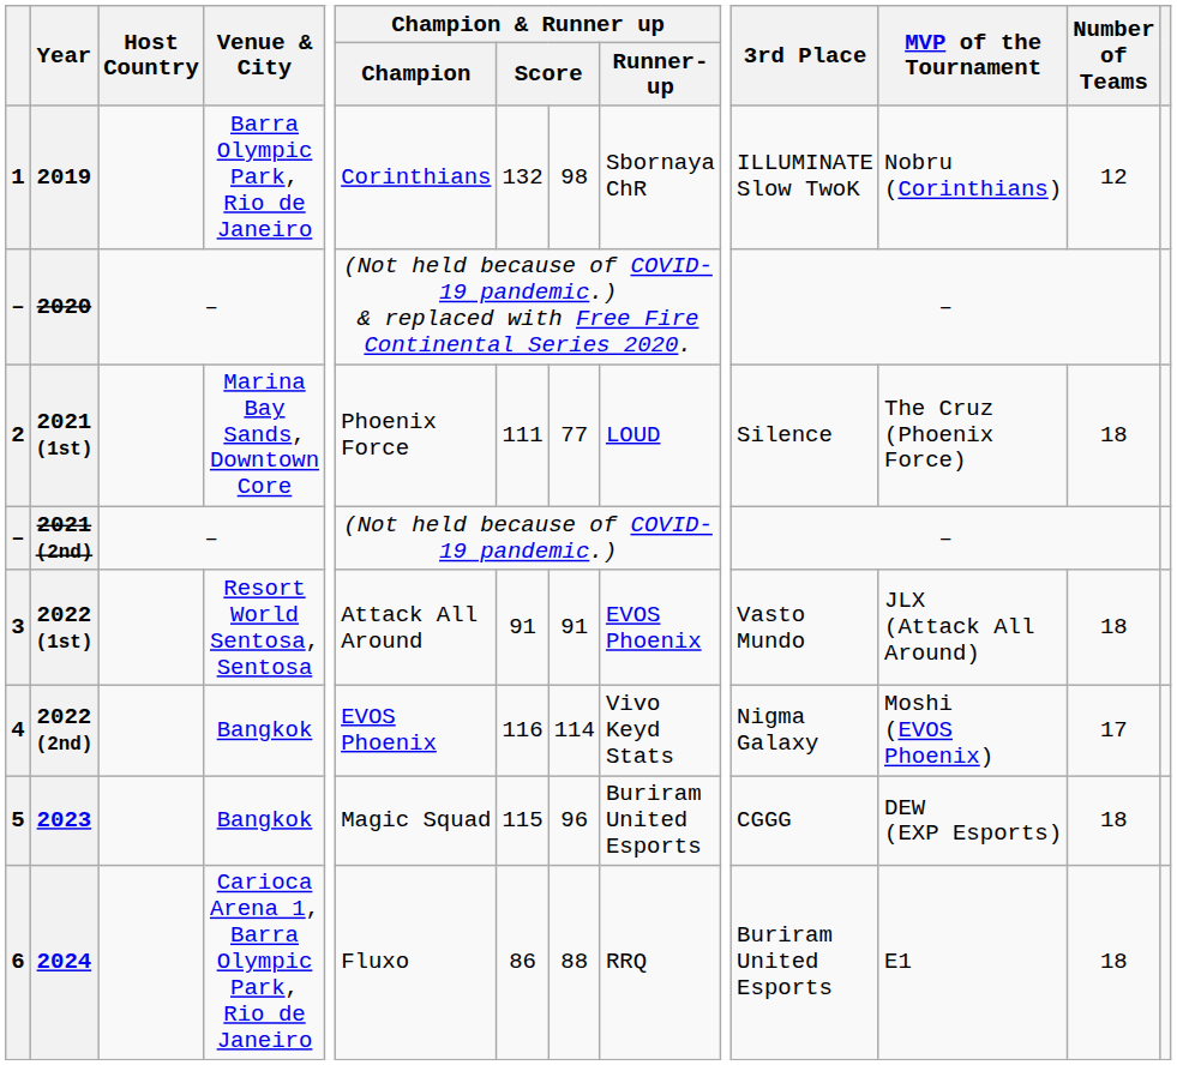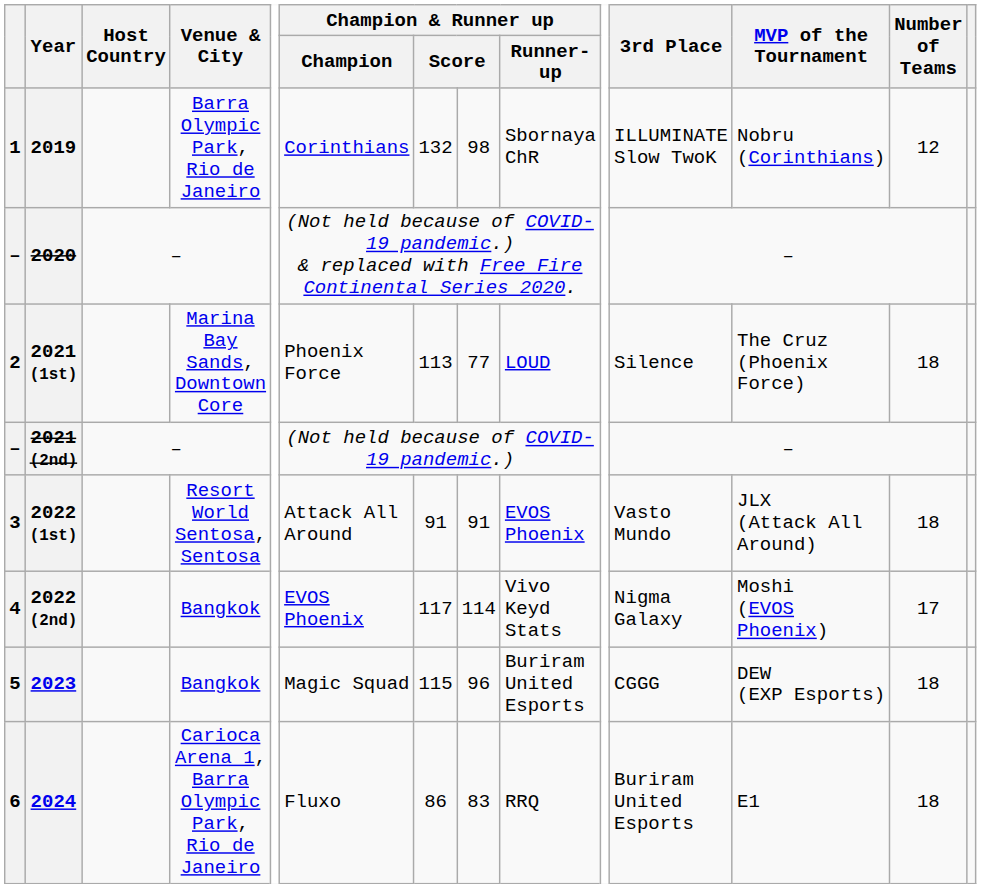 <table class="wikitable" style="text-align:center">
 <tr>
 <th rowspan="2"></th>
 <th rowspan="2" style="width:80px">Year</th>
 <th rowspan="2" style="width:120px">Host Country</th>
 <th rowspan="2" style="width:170px">Venue & City</th>
 <td width="1%" rowspan=17 style="background-color:#ffffff;border-top-style:hidden; border-bottom-style:hidden;"></td>
 <th colspan="4">Champion & Runner up</th>
 <td width="1%" rowspan=17 style="background-color:#ffffff;border-top-style:hidden; border-bottom-style:hidden;"></td>
 <th rowspan="2" style="width:125px">3rd Place</th>
 <th rowspan="2" style="width:140px"><a href='#'>MVP</a> of the <br> Tournament</th>
 <th rowspan="2">Number <br> of Teams</th>
 <th rowspan="2"></th>
 </tr>
 <tr>
 <th>Champion</th>
 <th colspan="2">Score</th>
 <th>Runner-up</th>
 </tr>
 <tr>
 <th>1</th>
 <th>2019</th>
 <td align=left></td>
 <td><a href='#'>Barra Olympic Park</a>, <br> <a href='#'>Rio de Janeiro</a></td>
 <td align=left> <a href='#'>Corinthians</a></td>
 <td>132</td>
 <td>98</td>
 <td align=left> Sbornaya ChR</td>
 <td align=left> ILLUMINATE Slow TwoK</td>
 <td align=left> Nobru <br> (<a href='#'>Corinthians</a>)</td>
 <td>12</td>
 <td></td>
 </tr>
 <tr>
 <th>–</th>
 <th><s> 2020 </s></th>
 <td colspan=2>–</td>
 <td colspan=4><em>(Not held because of <a href='#'>COVID-19 pandemic</a>.) <br> & replaced with <a href='#'>Free Fire Continental Series 2020</a>.</em></td>
 <td colspan=3>–</td>
 <td></td>
 </tr>
 <tr>
 <th>2</th>
 <th>2021 <small>(1st)</small></th>
 <td align=left></td>
 <td><a href='#'>Marina Bay Sands</a>, <br> <a href='#'>Downtown Core</a></td>
 <td align=left> Phoenix Force</td>
-<td>111</td>
+<td>113</td>
 <td>77</td>
 <td align=left> <a href='#'>LOUD</a></td>
 <td align=left> Silence</td>
 <td align=left> The Cruz <br> (Phoenix Force)</td>
 <td>18</td>
 <td></td>
 </tr>
 <tr>
 <th>–</th>
 <th><s> 2021 <small>(2nd)</small> </s></th>
 <td colspan=2>–</td>
 <td colspan=4><em>(Not held because of <a href='#'>COVID-19 pandemic</a>.)</em></td>
 <td colspan=3>–</td>
 <td></td>
 </tr>
 <tr>
 <th>3</th>
 <th>2022 <small>(1st)</small></th>
 <td align=left></td>
 <td><a href='#'>Resort World Sentosa</a>, <br> <a href='#'>Sentosa</a></td>
 <td align=left> Attack All Around</td>
 <td>91</td>
 <td>91</td>
 <td align=left> <a href='#'>EVOS Phoenix</a></td>
 <td align=left> Vasto Mundo</td>
 <td align=left> JLX <br> (Attack All Around)</td>
 <td>18</td>
 <td></td>
 </tr>
 <tr>
 <th>4</th>
 <th>2022 <small>(2nd)</small></th>
 <td align=left></td>
 <td><a href='#'>Bangkok</a></td>
 <td align=left> <a href='#'>EVOS Phoenix</a></td>
-<td>116</td>
+<td>117</td>
 <td>114</td>
 <td align=left> Vivo Keyd Stats</td>
 <td align=left> Nigma Galaxy</td>
 <td align=left> Moshi <br> (<a href='#'>EVOS Phoenix</a>)</td>
 <td>17</td>
 <td></td>
 </tr>
 <tr>
 <th>5</th>
 <th><a href='#'>2023</a></th>
 <td align=left></td>
 <td><a href='#'>Bangkok</a></td>
 <td align=left> Magic Squad</td>
 <td>115</td>
 <td>96</td>
 <td align=left> Buriram United Esports</td>
 <td align=left> CGGG</td>
 <td align=left> DEW <br> (EXP Esports)</td>
 <td>18</td>
 <td></td>
 </tr>
 <tr>
 <th>6</th>
 <th><a href='#'>2024</a></th>
 <td align=left></td>
 <td><a href='#'>Carioca Arena 1</a>, <br> <a href='#'>Barra Olympic Park</a>, <br> <a href='#'>Rio de Janeiro</a></td>
 <td align=left> Fluxo</td>
 <td>86</td>
-<td>88</td>
+<td>83</td>
 <td align=left> RRQ</td>
 <td align=left> Buriram United Esports</td>
 <td align=left> E1</td>
 <td>18</td>
 <td></td>
 </tr>
 </table>
